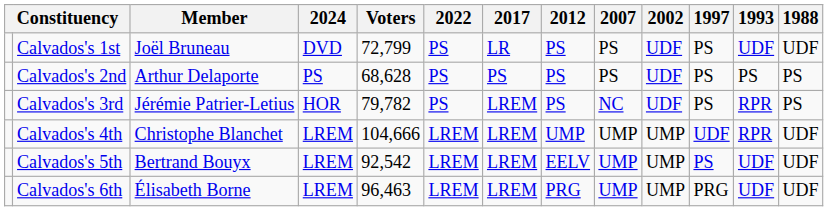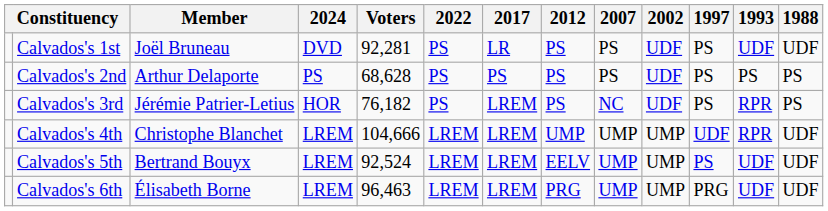 <table class="wikitable sortable">
 <tr>
 <th colspan="2">Constituency</th>
 <th>Member</th>
 <th>2024</th>
 <th>Voters</th>
 <th>2022</th>
 <th>2017</th>
 <th>2012</th>
 <th>2007</th>
 <th>2002</th>
 <th>1997</th>
 <th>1993</th>
 <th>1988</th>
 </tr>
 <tr>
 <td style="background-color: "></td>
 <td><a href='#'>Calvados's 1st</a></td>
 <td><a href='#'>Joël Bruneau</a></td>
 <td><a href='#'>DVD</a></td>
-<td>72,799</td>
+<td>92,281</td>
 <td><a href='#'>PS</a></td>
 <td><a href='#'>LR</a></td>
 <td bgcolor=><a href='#'>PS</a></td>
 <td bgcolor=>PS</td>
 <td bgcolor=><a href='#'>UDF</a></td>
 <td bgcolor=>PS</td>
 <td bgcolor=><a href='#'>UDF</a></td>
 <td bgcolor=>UDF</td>
 </tr>
 <tr>
 <td style="background-color: "></td>
 <td><a href='#'>Calvados's 2nd</a></td>
 <td><a href='#'>Arthur Delaporte</a></td>
 <td><a href='#'>PS</a></td>
 <td>68,628</td>
 <td><a href='#'>PS</a></td>
 <td><a href='#'>PS</a></td>
 <td bgcolor=><a href='#'>PS</a></td>
 <td bgcolor=>PS</td>
 <td bgcolor=><a href='#'>UDF</a></td>
 <td bgcolor=>PS</td>
 <td bgcolor=>PS</td>
 <td bgcolor=>PS</td>
 </tr>
 <tr>
 <td style="background-color: "></td>
 <td><a href='#'>Calvados's 3rd</a></td>
 <td><a href='#'>Jérémie Patrier-Letius</a></td>
 <td><a href='#'>HOR</a></td>
-<td>79,782</td>
+<td>76,182</td>
 <td><a href='#'>PS</a></td>
 <td><a href='#'>LREM</a></td>
 <td bgcolor=><a href='#'>PS</a></td>
 <td bgcolor=><a href='#'>NC</a></td>
 <td bgcolor=><a href='#'>UDF</a></td>
 <td bgcolor=>PS</td>
 <td bgcolor=><a href='#'>RPR</a></td>
 <td bgcolor=>PS</td>
 </tr>
 <tr>
 <td style="background-color: "></td>
 <td><a href='#'>Calvados's 4th</a></td>
 <td><a href='#'>Christophe Blanchet</a></td>
 <td><a href='#'>LREM</a></td>
 <td>104,666</td>
 <td><a href='#'>LREM</a></td>
 <td><a href='#'>LREM</a></td>
 <td bgcolor=><a href='#'>UMP</a></td>
 <td bgcolor=>UMP</td>
 <td bgcolor=>UMP</td>
 <td bgcolor=><a href='#'>UDF</a></td>
 <td bgcolor=><a href='#'>RPR</a></td>
 <td bgcolor=>UDF</td>
 </tr>
 <tr>
 <td style="background-color: "></td>
 <td><a href='#'>Calvados's 5th</a></td>
 <td><a href='#'>Bertrand Bouyx</a></td>
 <td><a href='#'>LREM</a></td>
-<td>92,542</td>
+<td>92,524</td>
 <td><a href='#'>LREM</a></td>
 <td><a href='#'>LREM</a></td>
 <td bgcolor=><a href='#'>EELV</a></td>
 <td bgcolor=><a href='#'>UMP</a></td>
 <td bgcolor=>UMP</td>
 <td bgcolor=><a href='#'>PS</a></td>
 <td bgcolor=><a href='#'>UDF</a></td>
 <td bgcolor=>UDF</td>
 </tr>
 <tr>
 <td style="background-color: "></td>
 <td><a href='#'>Calvados's 6th</a></td>
 <td><a href='#'>Élisabeth Borne</a></td>
 <td><a href='#'>LREM</a></td>
 <td>96,463</td>
 <td><a href='#'>LREM</a></td>
 <td><a href='#'>LREM</a></td>
 <td bgcolor=><a href='#'>PRG</a></td>
 <td bgcolor=><a href='#'>UMP</a></td>
 <td bgcolor=>UMP</td>
 <td bgcolor=>PRG</td>
 <td bgcolor=><a href='#'>UDF</a></td>
 <td bgcolor=>UDF</td>
 </tr>
 </table>
